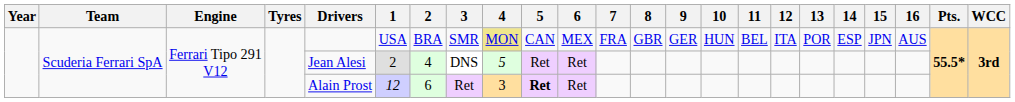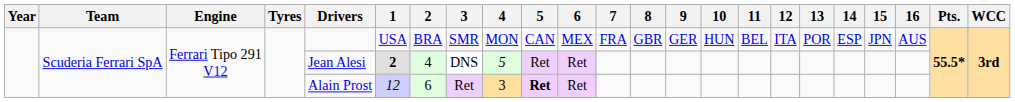 <table class="wikitable" style="text-align:center; font-size:95%">
 <tr>
 <th>Year</th>
 <th>Team</th>
 <th>Engine</th>
 <th>Tyres</th>
 <th>Drivers</th>
 <th>1</th>
 <th>2</th>
 <th>3</th>
 <th>4</th>
 <th>5</th>
 <th>6</th>
 <th>7</th>
 <th>8</th>
 <th>9</th>
 <th>10</th>
 <th>11</th>
 <th>12</th>
 <th>13</th>
 <th>14</th>
 <th>15</th>
 <th>16</th>
 <th>Pts.</th>
 <th>WCC</th>
 </tr>
 <tr>
 <td rowspan="3"></td>
 <td rowspan="3"><a href='#'>Scuderia Ferrari SpA</a></td>
 <td rowspan="3"><a href='#'>Ferrari</a> Tipo 291<br><a href='#'>V12</a></td>
 <td rowspan="3"></td>
 <td></td>
 <td><a href='#'>USA</a></td>
 <td><a href='#'>BRA</a></td>
 <td><a href='#'>SMR</a></td>
-<td style="background: khaki;"><a href='#'>MON</a></td>
+<td><a href='#'>MON</a></td>
 <td><a href='#'>CAN</a></td>
 <td><a href='#'>MEX</a></td>
 <td><a href='#'>FRA</a></td>
 <td><a href='#'>GBR</a></td>
 <td><a href='#'>GER</a></td>
 <td><a href='#'>HUN</a></td>
 <td><a href='#'>BEL</a></td>
 <td><a href='#'>ITA</a></td>
 <td><a href='#'>POR</a></td>
 <td><a href='#'>ESP</a></td>
 <td><a href='#'>JPN</a></td>
 <td><a href='#'>AUS</a></td>
 <td rowspan="3" style="background:#ffdf9f;"><strong>55.5*</strong></td>
 <td rowspan="3" style="background:#ffdf9f;"><strong>3rd</strong></td>
 </tr>
 <tr>
 <td align="left"><a href='#'>Jean Alesi</a></td>
-<td style="background:#dfdfdf;">2</td>
+<td style="background:#dfdfdf;"><strong>2</strong></td>
 <td style="background:#dfffdf;">4</td>
 <td style="background:#ffffff;">DNS</td>
 <td style="background:#dfffdf;"><em>5</em></td>
 <td style="background:#efcfff;">Ret</td>
 <td style="background:#efcfff;">Ret</td>
 <td></td>
 <td></td>
 <td></td>
 <td></td>
 <td></td>
 <td></td>
 <td></td>
 <td></td>
 <td></td>
 <td></td>
 </tr>
 <tr>
 <td align="left"><a href='#'>Alain Prost</a></td>
 <td style="background:#cfcfff;"><em>12</em></td>
 <td style="background:#dfffdf;">6</td>
 <td style="background:#efcfff;">Ret</td>
 <td style="background:#ffdf9f;">3</td>
 <td style="background:#efcfff;"><strong>Ret</strong></td>
 <td style="background:#efcfff;">Ret</td>
 <td></td>
 <td></td>
 <td></td>
 <td></td>
 <td></td>
 <td></td>
 <td></td>
 <td></td>
 <td></td>
 <td></td>
 </tr>
 </table>
